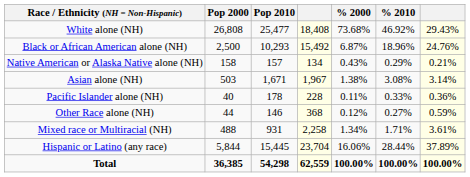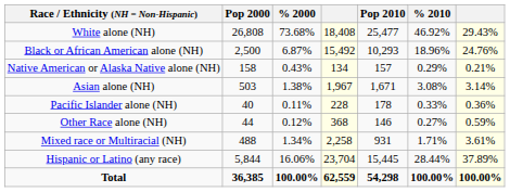 <table class="wikitable" style="text-align:center;">
 <tr>
 <th>Race / Ethnicity <small>(<em>NH = Non-Hispanic</em>)</small></th>
 <th>Pop 2000</th>
+<th>% 2000</th>
+<th></th>
 <th>Pop 2010</th>
-<th></th>
-<th>% 2000</th>
 <th>% 2010</th>
 <th></th>
 </tr>
 <tr>
 <td><a href='#'>White</a> alone (NH)</td>
 <td>26,808</td>
+<td>73.68%</td>
+<td style='background: #ffffe6;'>18,408</td>
 <td>25,477</td>
-<td style='background: #ffffe6;'>18,408</td>
-<td>73.68%</td>
 <td>46.92%</td>
 <td style='background: #ffffe6;'>29.43%</td>
 </tr>
 <tr>
 <td><a href='#'>Black or African American</a> alone (NH)</td>
 <td>2,500</td>
+<td>6.87%</td>
+<td style='background: #ffffe6;'>15,492</td>
 <td>10,293</td>
-<td style='background: #ffffe6;'>15,492</td>
-<td>6.87%</td>
 <td>18.96%</td>
 <td style='background: #ffffe6;'>24.76%</td>
 </tr>
 <tr>
 <td><a href='#'>Native American</a> or <a href='#'>Alaska Native</a> alone (NH)</td>
 <td>158</td>
+<td>0.43%</td>
+<td style='background: #ffffe6;'>134</td>
 <td>157</td>
-<td style='background: #ffffe6;'>134</td>
-<td>0.43%</td>
 <td>0.29%</td>
 <td style='background: #ffffe6;'>0.21%</td>
 </tr>
 <tr>
 <td><a href='#'>Asian</a> alone (NH)</td>
 <td>503</td>
+<td>1.38%</td>
+<td style='background: #ffffe6;'>1,967</td>
 <td>1,671</td>
-<td style='background: #ffffe6;'>1,967</td>
-<td>1.38%</td>
 <td>3.08%</td>
 <td style='background: #ffffe6;'>3.14%</td>
 </tr>
 <tr>
 <td><a href='#'>Pacific Islander</a> alone (NH)</td>
 <td>40</td>
+<td>0.11%</td>
+<td style='background: #ffffe6;'>228</td>
 <td>178</td>
-<td style='background: #ffffe6;'>228</td>
-<td>0.11%</td>
 <td>0.33%</td>
 <td style='background: #ffffe6;'>0.36%</td>
 </tr>
 <tr>
 <td><a href='#'>Other Race</a> alone (NH)</td>
 <td>44</td>
+<td>0.12%</td>
+<td style='background: #ffffe6;'>368</td>
 <td>146</td>
-<td style='background: #ffffe6;'>368</td>
-<td>0.12%</td>
 <td>0.27%</td>
 <td style='background: #ffffe6;'>0.59%</td>
 </tr>
 <tr>
 <td><a href='#'>Mixed race or Multiracial</a> (NH)</td>
 <td>488</td>
+<td>1.34%</td>
+<td style='background: #ffffe6;'>2,258</td>
 <td>931</td>
-<td style='background: #ffffe6;'>2,258</td>
-<td>1.34%</td>
 <td>1.71%</td>
 <td style='background: #ffffe6;'>3.61%</td>
 </tr>
 <tr>
 <td><a href='#'>Hispanic or Latino</a> (any race)</td>
 <td>5,844</td>
+<td>16.06%</td>
+<td style='background: #ffffe6;'>23,704</td>
 <td>15,445</td>
-<td style='background: #ffffe6;'>23,704</td>
-<td>16.06%</td>
 <td>28.44%</td>
 <td style='background: #ffffe6;'>37.89%</td>
 </tr>
 <tr>
 <td><strong>Total</strong></td>
 <td><strong>36,385</strong></td>
+<td><strong>100.00%</strong></td>
+<td style='background: #ffffe6;'><strong>62,559</strong></td>
 <td><strong>54,298</strong></td>
-<td style='background: #ffffe6;'><strong>62,559</strong></td>
-<td><strong>100.00%</strong></td>
 <td><strong>100.00%</strong></td>
 <td style='background: #ffffe6;'><strong>100.00%</strong></td>
 </tr>
 </table>
